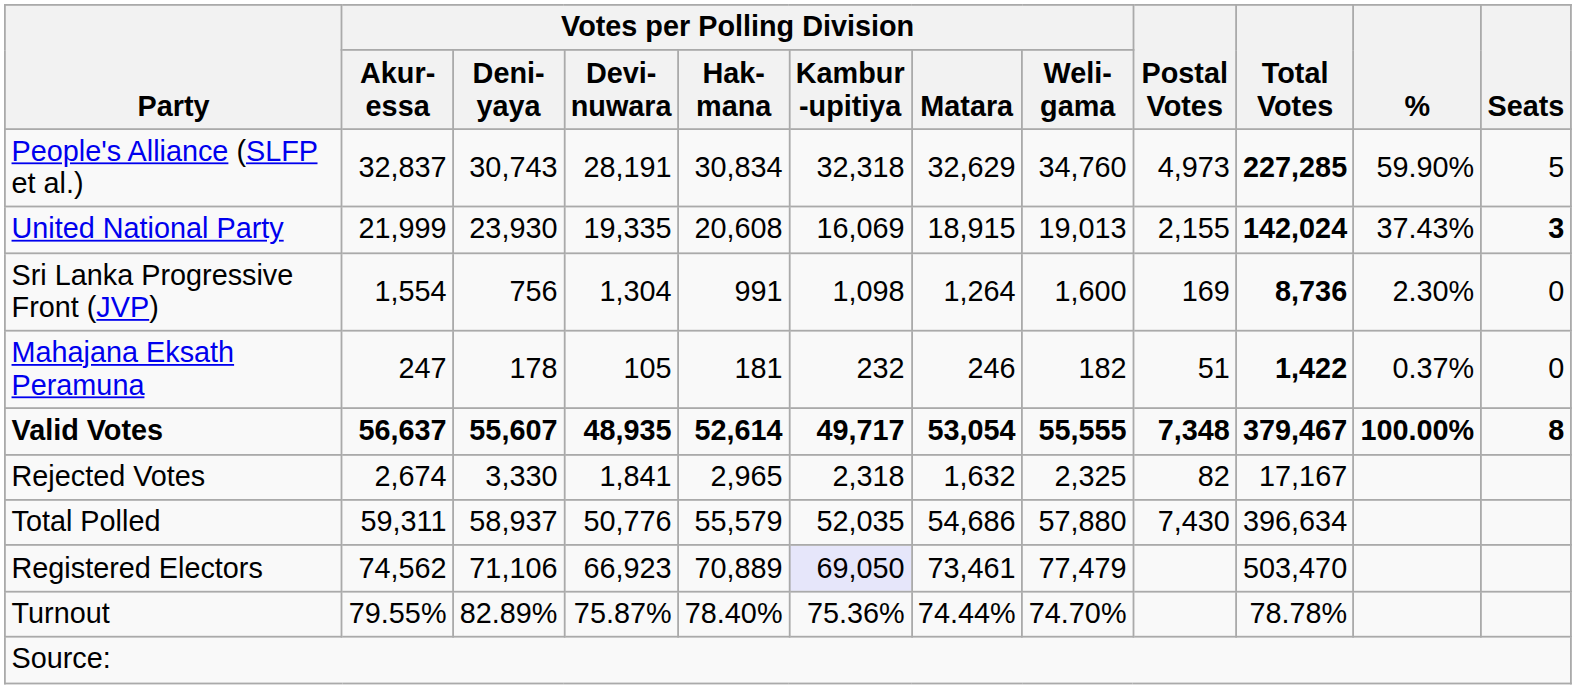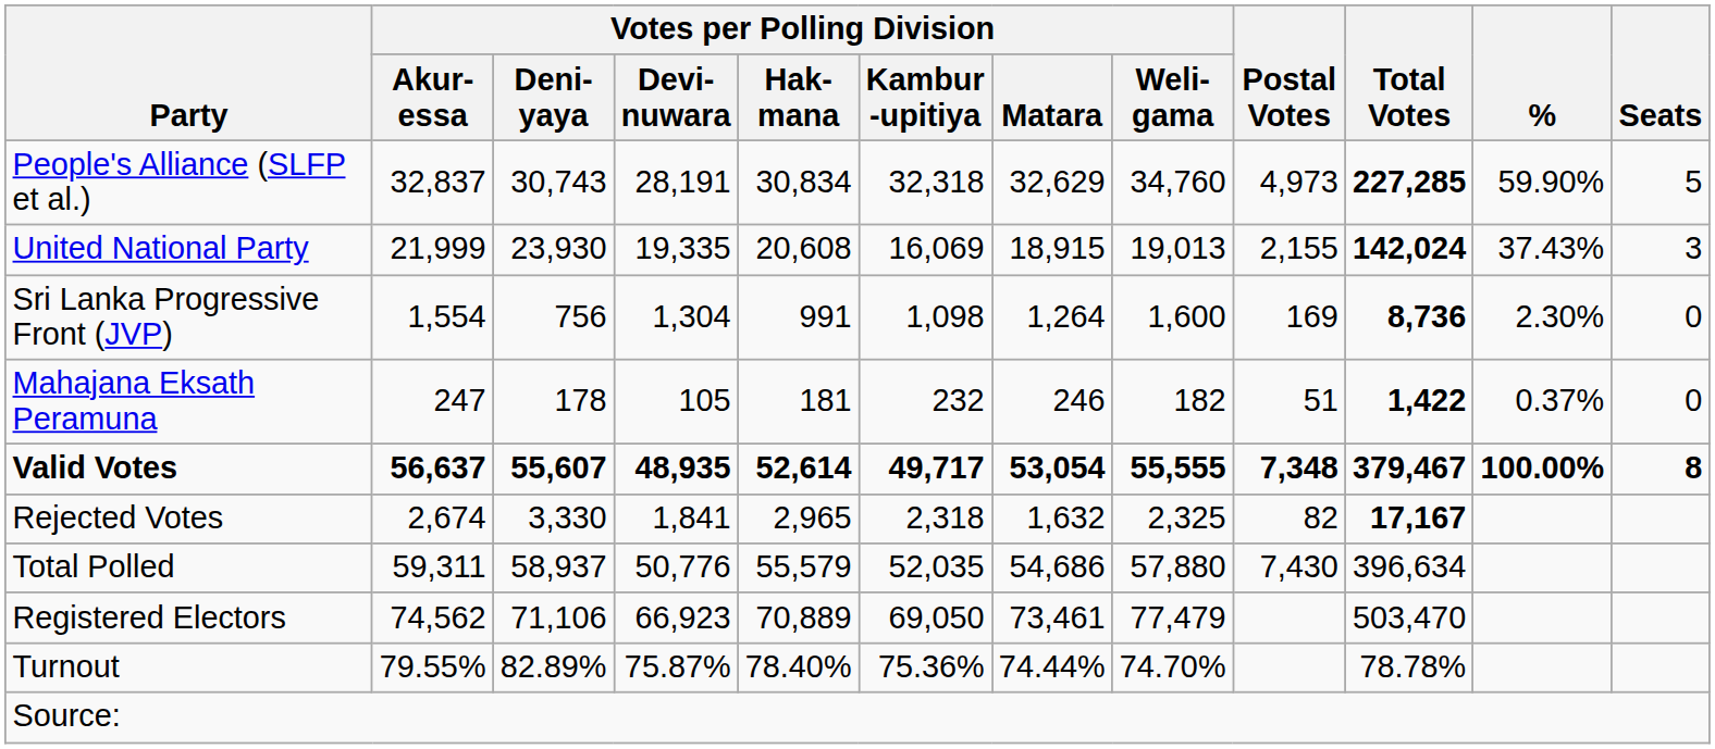 <table class="wikitable" border="1" style="text-align:right;">
 <tr>
 <th align=left valign=bottom rowspan=2 width="180">Party</th>
 <th colspan=7>Votes per Polling Division</th>
 <th align=center valign=bottom rowspan=2 width="50">Postal<br>Votes</th>
 <th align=center valign=bottom rowspan=2 width="50">Total Votes</th>
 <th align=center valign=bottom rowspan=2 width="50">%</th>
 <th align=center valign=bottom rowspan=2 width="40">Seats</th>
 </tr>
 <tr>
 <th align=center valign=bottom width="50">Akur-<br>essa</th>
 <th align=center valign=bottom width="50">Deni-<br>yaya</th>
 <th align=center valign=bottom width="50">Devi-<br>nuwara</th>
 <th align=center valign=bottom width="50">Hak-<br>mana</th>
 <th align=center valign=bottom width="50">Kambur<br>-upitiya</th>
 <th align=center valign=bottom width="50">Matara</th>
 <th align=center valign=bottom width="50">Weli-<br>gama</th>
 </tr>
 <tr>
 <td align=left><a href='#'>People's Alliance</a> (<a href='#'>SLFP</a> et al.)</td>
 <td>32,837</td>
 <td>30,743</td>
 <td>28,191</td>
 <td>30,834</td>
 <td>32,318</td>
 <td>32,629</td>
 <td>34,760</td>
 <td>4,973</td>
 <td><strong>227,285</strong></td>
 <td>59.90%</td>
 <td>5</td>
 </tr>
 <tr>
 <td align=left><a href='#'>United National Party</a></td>
 <td>21,999</td>
 <td>23,930</td>
 <td>19,335</td>
 <td>20,608</td>
 <td>16,069</td>
 <td>18,915</td>
 <td>19,013</td>
 <td>2,155</td>
 <td><strong>142,024</strong></td>
 <td>37.43%</td>
-<td><strong>3</strong></td>
+<td>3</td>
 </tr>
 <tr>
 <td align=left>Sri Lanka Progressive Front (<a href='#'>JVP</a>)</td>
 <td>1,554</td>
 <td>756</td>
 <td>1,304</td>
 <td>991</td>
 <td>1,098</td>
 <td>1,264</td>
 <td>1,600</td>
 <td>169</td>
 <td><strong>8,736</strong></td>
 <td>2.30%</td>
 <td>0</td>
 </tr>
 <tr>
 <td align=left><a href='#'>Mahajana Eksath Peramuna</a></td>
 <td>247</td>
 <td>178</td>
 <td>105</td>
 <td>181</td>
 <td>232</td>
 <td>246</td>
 <td>182</td>
 <td>51</td>
 <td><strong>1,422</strong></td>
 <td>0.37%</td>
 <td>0</td>
 </tr>
 <tr>
 <td align=left><strong>Valid Votes</strong></td>
 <td><strong>56,637</strong></td>
 <td><strong>55,607</strong></td>
 <td><strong>48,935</strong></td>
 <td><strong>52,614</strong></td>
 <td><strong>49,717</strong></td>
 <td><strong>53,054</strong></td>
 <td><strong>55,555</strong></td>
 <td><strong>7,348</strong></td>
 <td><strong>379,467</strong></td>
 <td><strong>100.00%</strong></td>
 <td><strong>8</strong></td>
 </tr>
 <tr>
 <td align=left>Rejected Votes</td>
 <td>2,674</td>
 <td>3,330</td>
 <td>1,841</td>
 <td>2,965</td>
 <td>2,318</td>
 <td>1,632</td>
 <td>2,325</td>
 <td>82</td>
-<td>17,167</td>
+<td><strong>17,167</strong></td>
 <td></td>
 <td></td>
 </tr>
 <tr>
 <td align=left>Total Polled</td>
 <td>59,311</td>
 <td>58,937</td>
 <td>50,776</td>
 <td>55,579</td>
 <td>52,035</td>
 <td>54,686</td>
 <td>57,880</td>
 <td>7,430</td>
 <td>396,634</td>
 <td></td>
 <td></td>
 </tr>
 <tr>
 <td align=left>Registered Electors</td>
 <td>74,562</td>
 <td>71,106</td>
 <td>66,923</td>
 <td>70,889</td>
-<td style="background: lavender;">69,050</td>
+<td>69,050</td>
 <td>73,461</td>
 <td>77,479</td>
 <td></td>
 <td>503,470</td>
 <td></td>
 <td></td>
 </tr>
 <tr>
 <td align=left>Turnout</td>
 <td>79.55%</td>
 <td>82.89%</td>
 <td>75.87%</td>
 <td>78.40%</td>
 <td>75.36%</td>
 <td>74.44%</td>
 <td>74.70%</td>
 <td></td>
 <td>78.78%</td>
 <td></td>
 <td></td>
 </tr>
 <tr>
 <td align=left colspan=13>Source:</td>
 </tr>
 </table>
